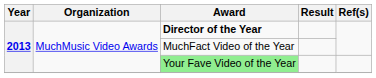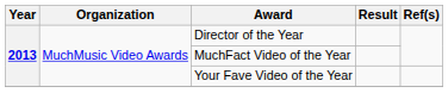 <table class="wikitable plainrowheaders">
 <tr align=center>
 <th scope="col">Year</th>
 <th scope="col">Organization</th>
 <th scope="col">Award</th>
 <th scope="col">Result</th>
 <th scope="col">Ref(s)</th>
 </tr>
 <tr>
 <th rowspan="3" scope="row"><a href='#'>2013</a></th>
 <td style="text-align:center;" rowspan="3"><a href='#'>MuchMusic Video Awards</a></td>
-<td><strong>Director of the Year</strong></td>
+<td>Director of the Year</td>
 <td></td>
 <td style="text-align:center;" rowspan="2"></td>
 </tr>
 <tr>
 <td>MuchFact Video of the Year</td>
 <td></td>
 </tr>
 <tr>
-<td style="background: lightgreen;">Your Fave Video of the Year</td>
+<td>Your Fave Video of the Year</td>
 <td></td>
 <td style="text-align:center;"></td>
 </tr>
 <tr>
 </tr>
 </table>
